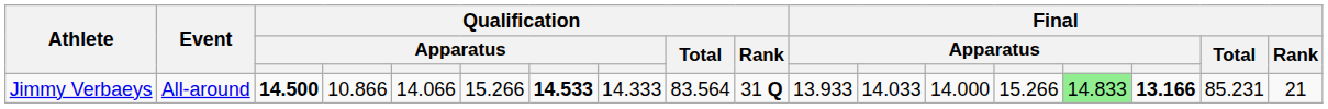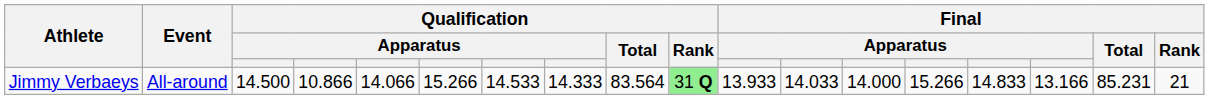 <table class="wikitable" style="font-size:90%">
 <tr>
 <th rowspan=3>Athlete</th>
 <th rowspan=3>Event</th>
 <th colspan =8>Qualification</th>
 <th colspan =8>Final</th>
 </tr>
 <tr style="font-size:95%">
 <th colspan=6>Apparatus</th>
 <th rowspan=2>Total</th>
 <th rowspan=2>Rank</th>
 <th colspan=6>Apparatus</th>
 <th rowspan=2>Total</th>
 <th rowspan=2>Rank</th>
 </tr>
 <tr style="font-size:95%">
 <th></th>
 <th></th>
 <th></th>
 <th></th>
 <th></th>
 <th></th>
 <th></th>
 <th></th>
 <th></th>
 <th></th>
 <th></th>
 <th></th>
 </tr>
 <tr align=center>
 <td align=left><a href='#'>Jimmy Verbaeys</a></td>
 <td align=left><a href='#'>All-around</a></td>
-<td><strong>14.500</strong></td>
+<td>14.500</td>
 <td>10.866</td>
 <td>14.066</td>
 <td>15.266</td>
-<td><strong>14.533</strong></td>
+<td>14.533</td>
 <td>14.333</td>
 <td>83.564</td>
-<td>31 <strong>Q</strong></td>
+<td style="background: lightgreen;">31 <strong>Q</strong></td>
 <td>13.933</td>
 <td>14.033</td>
 <td>14.000</td>
 <td>15.266</td>
-<td style="background: lightgreen;">14.833</td>
-<td><strong>13.166</strong></td>
+<td>14.833</td>
+<td>13.166</td>
 <td>85.231</td>
 <td>21</td>
 </tr>
 </table>
